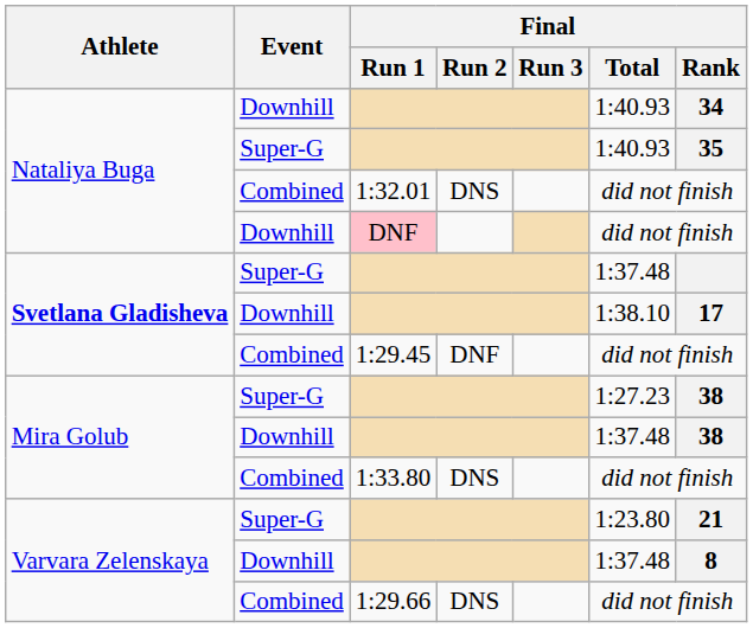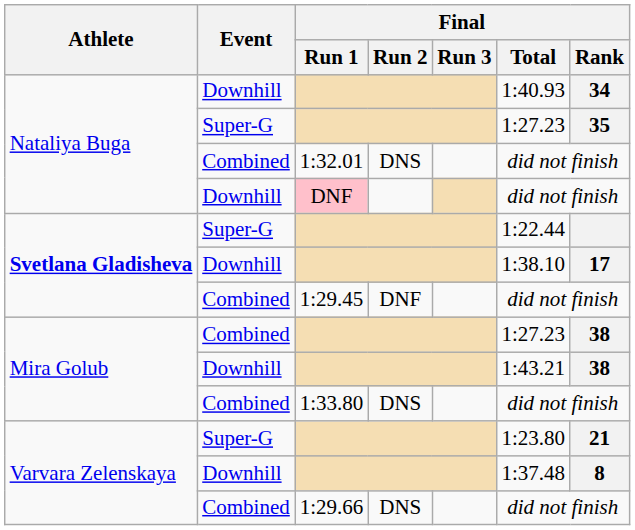 <table class="wikitable" style="font-size:90%">
 <tr>
 <th rowspan="2">Athlete</th>
 <th rowspan="2">Event</th>
 <th colspan="5">Final</th>
 </tr>
 <tr>
 <th>Run 1</th>
 <th>Run 2</th>
 <th>Run 3</th>
 <th>Total</th>
 <th>Rank</th>
 </tr>
 <tr>
 <td rowspan=4><a href='#'>Nataliya Buga</a></td>
 <td><a href='#'>Downhill</a></td>
 <td colspan=3 bgcolor="wheat"></td>
 <td align="center">1:40.93</td>
 <th align="center">34</th>
 </tr>
 <tr>
 <td><a href='#'>Super-G</a></td>
 <td colspan=3 bgcolor="wheat"></td>
-<td align="center">1:40.93</td>
+<td align="center">1:27.23</td>
 <th align="center">35</th>
 </tr>
 <tr>
 <td><a href='#'>Combined</a></td>
 <td align="center">1:32.01</td>
 <td align="center">DNS</td>
 <td align="center"></td>
 <td align="center" colspan=2><em>did not finish</em></td>
 </tr>
 <tr>
 <td><a href='#'>Downhill</a></td>
 <td align="center" style="background: pink;">DNF</td>
 <td align="center"></td>
 <td colspan=1 bgcolor="wheat"></td>
 <td align="center" colspan=2><em>did not finish</em></td>
 </tr>
 <tr>
 <td rowspan=3><strong><a href='#'>Svetlana Gladisheva</a></strong></td>
 <td><a href='#'>Super-G</a></td>
 <td colspan=3 bgcolor="wheat"></td>
-<td align="center">1:37.48</td>
+<td align="center">1:22.44</td>
 <th align="center"></th>
 </tr>
 <tr>
 <td><a href='#'>Downhill</a></td>
 <td colspan=3 bgcolor="wheat"></td>
 <td align="center">1:38.10</td>
 <th align="center">17</th>
 </tr>
 <tr>
 <td><a href='#'>Combined</a></td>
 <td align="center">1:29.45</td>
 <td align="center">DNF</td>
 <td align="center"></td>
 <td align="center" colspan=2><em>did not finish</em></td>
 </tr>
 <tr>
 <td rowspan=3><a href='#'>Mira Golub</a></td>
-<td><a href='#'>Super-G</a></td>
+<td><a href='#'>Combined</a></td>
 <td colspan=3 bgcolor="wheat"></td>
 <td align="center">1:27.23</td>
 <th align="center">38</th>
 </tr>
 <tr>
 <td><a href='#'>Downhill</a></td>
 <td colspan=3 bgcolor="wheat"></td>
-<td align="center">1:37.48</td>
+<td align="center">1:43.21</td>
 <th align="center">38</th>
 </tr>
 <tr>
 <td><a href='#'>Combined</a></td>
 <td align="center">1:33.80</td>
 <td align="center">DNS</td>
 <td align="center"></td>
 <td align="center" colspan=2><em>did not finish</em></td>
 </tr>
 <tr>
 <td rowspan=3><a href='#'>Varvara Zelenskaya</a></td>
 <td><a href='#'>Super-G</a></td>
 <td colspan=3 bgcolor="wheat"></td>
 <td align="center">1:23.80</td>
 <th align="center">21</th>
 </tr>
 <tr>
 <td><a href='#'>Downhill</a></td>
 <td colspan=3 bgcolor="wheat"></td>
 <td align="center">1:37.48</td>
 <th align="center">8</th>
 </tr>
 <tr>
 <td><a href='#'>Combined</a></td>
 <td align="center">1:29.66</td>
 <td align="center">DNS</td>
 <td align="center"></td>
 <td align="center" colspan=2><em>did not finish</em></td>
 </tr>
 </table>
